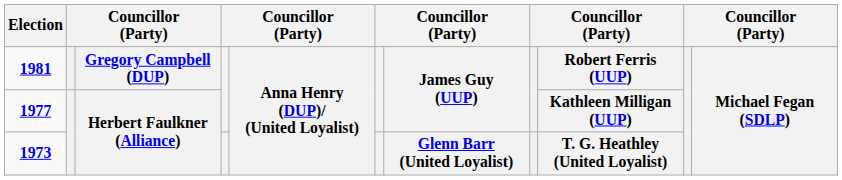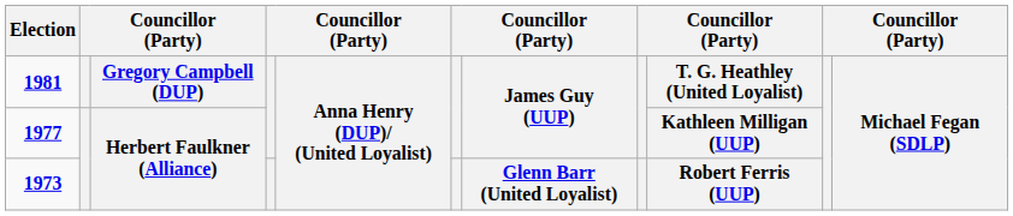 <table class="wikitable" style="text-align:center">
 <tr>
 <th scope="col" width="50">Election</th>
 <th scope="col" width="150" colspan = "2">Councillor<br> (Party)</th>
 <th scope="col" width="150" colspan = "2">Councillor<br> (Party)</th>
 <th scope="col" width="150" colspan = "2">Councillor<br> (Party)</th>
 <th scope="col" width="150" colspan = "2">Councillor<br> (Party)</th>
 <th scope="col" width="150" colspan = "2">Councillor<br> (Party)</th>
 </tr>
 <tr>
 <td><strong><a href='#'>1981</a></strong></td>
 <th rowspan="1" width="1" style="background-color: "></th>
 <th rowspan = "1"><a href='#'>Gregory Campbell</a> <br> (<a href='#'>DUP</a>)</th>
 <th rowspan="2" width="1" style="background-color: "></th>
 <th rowspan = "3">Anna Henry <br> (<a href='#'>DUP</a>)/ <br> (United Loyalist)</th>
 <th rowspan="2" width="1" style="background-color: "></th>
 <th rowspan = "2">James Guy <br> (<a href='#'>UUP</a>)</th>
 <th rowspan="2" width="1" style="background-color: "></th>
-<th rowspan = "1">Robert Ferris <br> (<a href='#'>UUP</a>)</th>
+<th rowspan = "1">T. G. Heathley <br> (United Loyalist)</th>
 <th rowspan="3" width="1" style="background-color: "></th>
 <th rowspan = "3">Michael Fegan <br> (<a href='#'>SDLP</a>)</th>
 </tr>
 <tr>
 <td><strong><a href='#'>1977</a></strong></td>
 <th rowspan="2" width="1" style="background-color: "></th>
 <th rowspan = "2">Herbert Faulkner <br> (<a href='#'>Alliance</a>)</th>
 <th rowspan = "1">Kathleen Milligan <br> (<a href='#'>UUP</a>)</th>
 </tr>
 <tr>
 <td><strong><a href='#'>1973</a></strong></td>
 <th rowspan="2" width="1" style="background-color: "></th>
 <th rowspan="1" width="1" style="background-color: "></th>
 <th rowspan = "1"><a href='#'>Glenn Barr</a> <br> (United Loyalist)</th>
 <th rowspan="1" width="1" style="background-color: "></th>
-<th rowspan = "1">T. G. Heathley <br> (United Loyalist)</th>
+<th rowspan = "1">Robert Ferris <br> (<a href='#'>UUP</a>)</th>
 </tr>
 </table>
